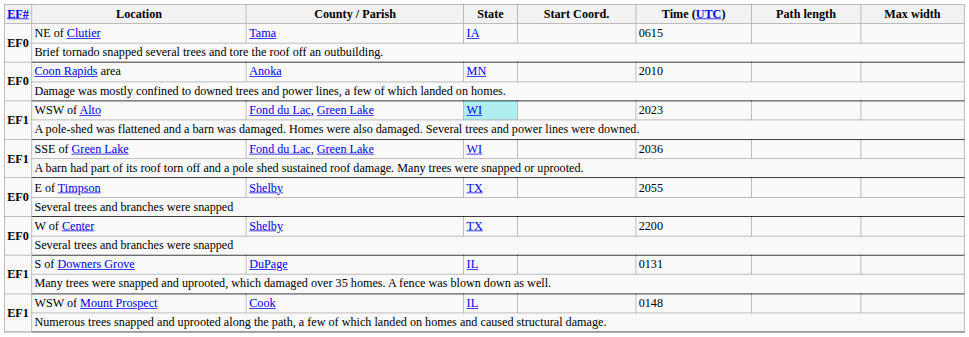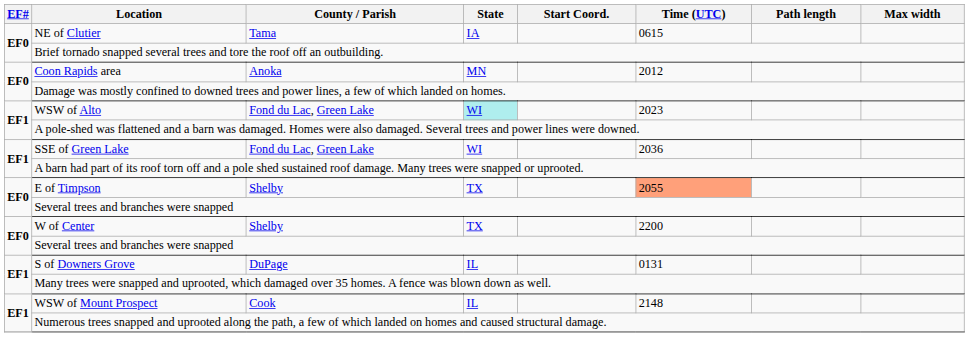 <table class="wikitable sortable" style="width:100%;">
 <tr>
 <th scope="col" width="2%" align="center"><a href='#'>EF#</a></th>
 <th scope="col" align="center" class="unsortable">Location</th>
 <th scope="col" align="center" class="unsortable">County / Parish</th>
 <th scope="col" align="center">State</th>
 <th scope="col" align="center" data-sort-type="number">Start Coord.</th>
 <th scope="col" align="center" data-sort-type="number">Time (<a href='#'>UTC</a>)</th>
 <th scope="col" align="center" data-sort-type="number">Path length</th>
 <th scope="col" align="center" data-sort-type="number">Max width</th>
 </tr>
 <tr>
 <td rowspan="2" align="center"><strong>EF0</strong></td>
 <td>NE of <a href='#'>Clutier</a></td>
 <td><a href='#'>Tama</a></td>
 <td><a href='#'>IA</a></td>
 <td></td>
 <td>0615</td>
 <td></td>
 <td></td>
 </tr>
 <tr class="expand-child">
 <td colspan="8" style=" border-bottom: 1px solid black;">Brief tornado snapped several trees and tore the roof off an outbuilding.</td>
 </tr>
 <tr>
 <td rowspan="2" align="center"><strong>EF0</strong></td>
 <td><a href='#'>Coon Rapids</a> area</td>
 <td><a href='#'>Anoka</a></td>
 <td><a href='#'>MN</a></td>
 <td></td>
-<td>2010</td>
+<td>2012</td>
 <td></td>
 <td></td>
 </tr>
 <tr class="expand-child">
 <td colspan="8" style=" border-bottom: 1px solid black;">Damage was mostly confined to downed trees and power lines, a few of which landed on homes.</td>
 </tr>
 <tr>
 <td rowspan="2" align="center"><strong>EF1</strong></td>
 <td>WSW of <a href='#'>Alto</a></td>
 <td><a href='#'>Fond du Lac</a>, <a href='#'>Green Lake</a></td>
 <td style="background: paleturquoise;"><a href='#'>WI</a></td>
 <td></td>
 <td>2023</td>
 <td></td>
 <td></td>
 </tr>
 <tr class="expand-child">
 <td colspan="8" style=" border-bottom: 1px solid black;">A pole-shed was flattened and a barn was damaged. Homes were also damaged. Several trees and power lines were downed.</td>
 </tr>
 <tr>
 <td rowspan="2" align="center"><strong>EF1</strong></td>
 <td>SSE of <a href='#'>Green Lake</a></td>
 <td><a href='#'>Fond du Lac</a>, <a href='#'>Green Lake</a></td>
 <td><a href='#'>WI</a></td>
 <td></td>
 <td>2036</td>
 <td></td>
 <td></td>
 </tr>
 <tr class="expand-child">
 <td colspan="8" style=" border-bottom: 1px solid black;">A barn had part of its roof torn off and a pole shed sustained roof damage. Many trees were snapped or uprooted.</td>
 </tr>
 <tr>
 <td rowspan="2" align="center"><strong>EF0</strong></td>
 <td>E of <a href='#'>Timpson</a></td>
 <td><a href='#'>Shelby</a></td>
 <td><a href='#'>TX</a></td>
 <td></td>
-<td>2055</td>
+<td style="background: lightsalmon;">2055</td>
 <td></td>
 <td></td>
 </tr>
 <tr class="expand-child">
 <td colspan="8" style=" border-bottom: 1px solid black;">Several trees and branches were snapped</td>
 </tr>
 <tr>
 <td rowspan="2" align="center"><strong>EF0</strong></td>
 <td>W of <a href='#'>Center</a></td>
 <td><a href='#'>Shelby</a></td>
 <td><a href='#'>TX</a></td>
 <td></td>
 <td>2200</td>
 <td></td>
 <td></td>
 </tr>
 <tr class="expand-child">
 <td colspan="8" style=" border-bottom: 1px solid black;">Several trees and branches were snapped</td>
 </tr>
 <tr>
 <td rowspan="2" align="center"><strong>EF1</strong></td>
 <td>S of <a href='#'>Downers Grove</a></td>
 <td><a href='#'>DuPage</a></td>
 <td><a href='#'>IL</a></td>
 <td></td>
 <td>0131</td>
 <td></td>
 <td></td>
 </tr>
 <tr class="expand-child">
 <td colspan="8" style=" border-bottom: 1px solid black;">Many trees were snapped and uprooted, which damaged over 35 homes. A fence was blown down as well.</td>
 </tr>
 <tr>
 <td rowspan="2" align="center"><strong>EF1</strong></td>
 <td>WSW of <a href='#'>Mount Prospect</a></td>
 <td><a href='#'>Cook</a></td>
 <td><a href='#'>IL</a></td>
 <td></td>
-<td>0148</td>
+<td>2148</td>
 <td></td>
 <td></td>
 </tr>
 <tr class="expand-child">
 <td colspan="8" style=" border-bottom: 1px solid black;">Numerous trees snapped and uprooted along the path, a few of which landed on homes and caused structural damage.</td>
 </tr>
 <tr>
 </tr>
 </table>
